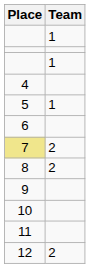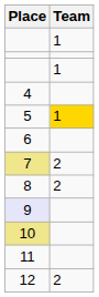 <table class="wikitable">
 <tr>
 <th>Place</th>
 <th>Team</th>
 </tr>
 <tr>
 <td align=center></td>
 <td> 1</td>
 </tr>
 <tr>
 <td align=center></td>
 <td></td>
 </tr>
 <tr>
 <td align=center></td>
 <td> 1</td>
 </tr>
 <tr>
 <td align=center>4</td>
 <td></td>
 </tr>
 <tr>
 <td align=center>5</td>
-<td> 1</td>
+<td style="background: gold;"> 1</td>
 </tr>
 <tr>
 <td align=center>6</td>
 <td></td>
 </tr>
 <tr>
 <td align=center style="background: khaki;">7</td>
 <td> 2</td>
 </tr>
 <tr>
 <td align=center>8</td>
 <td> 2</td>
 </tr>
 <tr>
-<td align=center>9</td>
+<td align=center style="background: lavender;">9</td>
 <td></td>
 </tr>
 <tr>
-<td align=center>10</td>
+<td align=center style="background: khaki;">10</td>
 <td></td>
 </tr>
 <tr>
 <td align=center>11</td>
 <td></td>
 </tr>
 <tr>
 <td align=center>12</td>
 <td> 2</td>
 </tr>
 </table>
